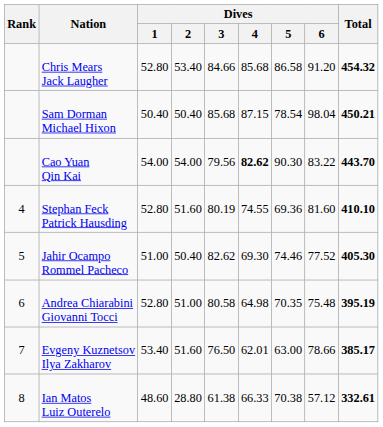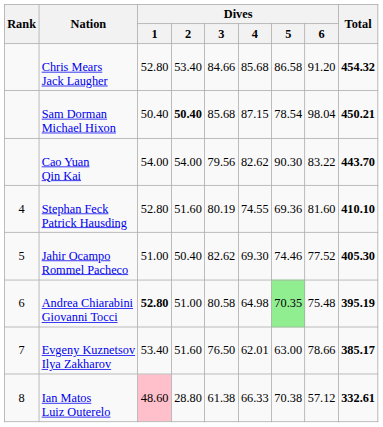 <table class="wikitable sortable">
 <tr>
 <th rowspan="2">Rank</th>
 <th rowspan="2">Nation</th>
 <th colspan="6">Dives</th>
 <th rowspan="2">Total</th>
 </tr>
 <tr>
 <th>1</th>
 <th>2</th>
 <th>3</th>
 <th>4</th>
 <th>5</th>
 <th>6</th>
 </tr>
 <tr>
 <td align="center"></td>
 <td> <br><a href='#'>Chris Mears</a><br><a href='#'>Jack Laugher</a></td>
 <td align="center">52.80</td>
 <td align="center">53.40</td>
 <td align="center">84.66</td>
 <td align="center">85.68</td>
 <td align="center">86.58</td>
 <td align="center">91.20</td>
 <td align="center"><strong>454.32</strong></td>
 </tr>
 <tr>
 <td align="center"></td>
 <td> <br><a href='#'>Sam Dorman</a><br><a href='#'>Michael Hixon</a></td>
 <td align="center">50.40</td>
-<td align="center">50.40</td>
+<td align="center"><strong>50.40</strong></td>
 <td align="center">85.68</td>
 <td align="center">87.15</td>
 <td align="center">78.54</td>
 <td align="center">98.04</td>
 <td align="center"><strong>450.21</strong></td>
 </tr>
 <tr>
 <td align="center"></td>
 <td> <br><a href='#'>Cao Yuan</a><br><a href='#'>Qin Kai</a></td>
 <td align="center">54.00</td>
 <td align="center">54.00</td>
 <td align="center">79.56</td>
-<td align="center"><strong>82.62</strong></td>
+<td align="center">82.62</td>
 <td align="center">90.30</td>
 <td align="center">83.22</td>
 <td align="center"><strong>443.70</strong></td>
 </tr>
 <tr>
 <td align="center">4</td>
 <td> <br><a href='#'>Stephan Feck</a><br><a href='#'>Patrick Hausding</a></td>
 <td align="center">52.80</td>
 <td align="center">51.60</td>
 <td align="center">80.19</td>
 <td align="center">74.55</td>
 <td align="center">69.36</td>
 <td align="center">81.60</td>
 <td align="center"><strong>410.10</strong></td>
 </tr>
 <tr>
 <td align="center">5</td>
 <td> <br><a href='#'>Jahir Ocampo</a><br><a href='#'>Rommel Pacheco</a></td>
 <td align="center">51.00</td>
 <td align="center">50.40</td>
 <td align="center">82.62</td>
 <td align="center">69.30</td>
 <td align="center">74.46</td>
 <td align="center">77.52</td>
 <td align="center"><strong>405.30</strong></td>
 </tr>
 <tr>
 <td align="center">6</td>
 <td> <br><a href='#'>Andrea Chiarabini</a><br><a href='#'>Giovanni Tocci</a></td>
-<td align="center">52.80</td>
+<td align="center"><strong>52.80</strong></td>
 <td align="center">51.00</td>
 <td align="center">80.58</td>
 <td align="center">64.98</td>
-<td align="center">70.35</td>
+<td align="center" style="background: lightgreen;">70.35</td>
 <td align="center">75.48</td>
 <td align="center"><strong>395.19</strong></td>
 </tr>
 <tr>
 <td align="center">7</td>
 <td> <br><a href='#'>Evgeny Kuznetsov</a><br><a href='#'>Ilya Zakharov</a></td>
 <td align="center">53.40</td>
 <td align="center">51.60</td>
 <td align="center">76.50</td>
 <td align="center">62.01</td>
 <td align="center">63.00</td>
 <td align="center">78.66</td>
 <td align="center"><strong>385.17</strong></td>
 </tr>
 <tr>
 <td align="center">8</td>
 <td> <br><a href='#'>Ian Matos</a><br><a href='#'>Luiz Outerelo</a></td>
-<td align="center">48.60</td>
+<td align="center" style="background: pink;">48.60</td>
 <td align="center">28.80</td>
 <td align="center">61.38</td>
 <td align="center">66.33</td>
 <td align="center">70.38</td>
 <td align="center">57.12</td>
 <td align="center"><strong>332.61</strong></td>
 </tr>
 </table>
